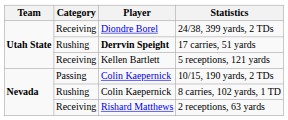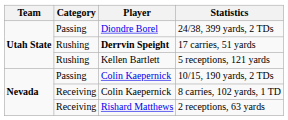 <table class="wikitable" style="float: left;">
 <tr>
 <th>Team</th>
 <th>Category</th>
 <th>Player</th>
 <th>Statistics</th>
 </tr>
 <tr>
 <td rowspan=3><strong>Utah State</strong></td>
-<td>Receiving</td>
+<td>Passing</td>
 <td><a href='#'>Diondre Borel</a></td>
 <td>24/38, 399 yards, 2 TDs</td>
 </tr>
 <tr>
 <td>Rushing</td>
 <td><strong>Derrvin Speight</strong></td>
 <td>17 carries, 51 yards</td>
 </tr>
 <tr>
-<td>Receiving</td>
+<td>Rushing</td>
 <td>Kellen Bartlett</td>
 <td>5 receptions, 121 yards</td>
 </tr>
 <tr>
 <td rowspan=3><strong>Nevada</strong></td>
 <td>Passing</td>
 <td><a href='#'>Colin Kaepernick</a></td>
 <td>10/15, 190 yards, 2 TDs</td>
 </tr>
 <tr>
-<td>Rushing</td>
+<td>Receiving</td>
 <td>Colin Kaepernick</td>
 <td>8 carries, 102 yards, 1 TD</td>
 </tr>
 <tr>
 <td>Receiving</td>
 <td><a href='#'>Rishard Matthews</a></td>
 <td>2 receptions, 63 yards</td>
 </tr>
 </table>
